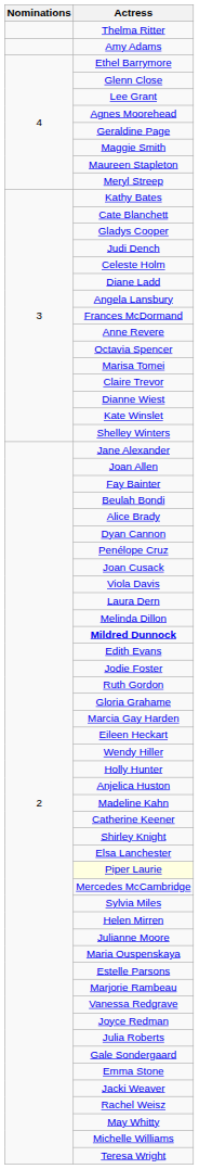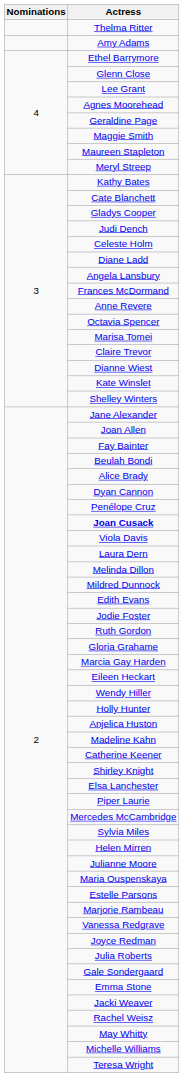 <table class="wikitable" style="text-align: center;">
 <tr>
 <th scope="col" width="55">Nominations</th>
 <th scope="col" align="center">Actress</th>
 </tr>
 <tr>
 <td></td>
 <td><a href='#'>Thelma Ritter</a></td>
 </tr>
 <tr>
 <td></td>
 <td><a href='#'>Amy Adams</a></td>
 </tr>
 <tr>
 <td rowspan=8 style="text-align:center">4</td>
 <td><a href='#'>Ethel Barrymore</a></td>
 </tr>
 <tr>
 <td><a href='#'>Glenn Close</a></td>
 </tr>
 <tr>
 <td><a href='#'>Lee Grant</a></td>
 </tr>
 <tr>
 <td><a href='#'>Agnes Moorehead</a></td>
 </tr>
 <tr>
 <td><a href='#'>Geraldine Page</a></td>
 </tr>
 <tr>
 <td><a href='#'>Maggie Smith</a></td>
 </tr>
 <tr>
 <td><a href='#'>Maureen Stapleton</a></td>
 </tr>
 <tr>
 <td><a href='#'>Meryl Streep</a></td>
 </tr>
 <tr>
 <td rowspan=15 style="text-align:center">3</td>
 <td><a href='#'>Kathy Bates</a></td>
 </tr>
 <tr>
 <td><a href='#'>Cate Blanchett</a></td>
 </tr>
 <tr>
 <td><a href='#'>Gladys Cooper</a></td>
 </tr>
 <tr>
 <td><a href='#'>Judi Dench</a></td>
 </tr>
 <tr>
 <td><a href='#'>Celeste Holm</a></td>
 </tr>
 <tr>
 <td><a href='#'>Diane Ladd</a></td>
 </tr>
 <tr>
 <td><a href='#'>Angela Lansbury</a></td>
 </tr>
 <tr>
 <td><a href='#'>Frances McDormand</a></td>
 </tr>
 <tr>
 <td><a href='#'>Anne Revere</a></td>
 </tr>
 <tr>
 <td><a href='#'>Octavia Spencer</a></td>
 </tr>
 <tr>
 <td><a href='#'>Marisa Tomei</a></td>
 </tr>
 <tr>
 <td><a href='#'>Claire Trevor</a></td>
 </tr>
 <tr>
 <td><a href='#'>Dianne Wiest</a></td>
 </tr>
 <tr>
 <td><a href='#'>Kate Winslet</a></td>
 </tr>
 <tr>
 <td><a href='#'>Shelley Winters</a></td>
 </tr>
 <tr>
 <td rowspan=43 style="text-align:center">2</td>
 <td><a href='#'>Jane Alexander</a></td>
 </tr>
 <tr>
 <td><a href='#'>Joan Allen</a></td>
 </tr>
 <tr>
 <td><a href='#'>Fay Bainter</a></td>
 </tr>
 <tr>
 <td><a href='#'>Beulah Bondi</a></td>
 </tr>
 <tr>
 <td><a href='#'>Alice Brady</a></td>
 </tr>
 <tr>
 <td><a href='#'>Dyan Cannon</a></td>
 </tr>
 <tr>
 <td><a href='#'>Penélope Cruz</a></td>
 </tr>
 <tr>
-<td><a href='#'>Joan Cusack</a></td>
+<td><strong><a href='#'>Joan Cusack</a></strong></td>
 </tr>
 <tr>
 <td><a href='#'>Viola Davis</a></td>
 </tr>
 <tr>
 <td><a href='#'>Laura Dern</a></td>
 </tr>
 <tr>
 <td><a href='#'>Melinda Dillon</a></td>
 </tr>
 <tr>
-<td><strong><a href='#'>Mildred Dunnock</a></strong></td>
+<td><a href='#'>Mildred Dunnock</a></td>
 </tr>
 <tr>
 <td><a href='#'>Edith Evans</a></td>
 </tr>
 <tr>
 <td><a href='#'>Jodie Foster</a></td>
 </tr>
 <tr>
 <td><a href='#'>Ruth Gordon</a></td>
 </tr>
 <tr>
 <td><a href='#'>Gloria Grahame</a></td>
 </tr>
 <tr>
 <td><a href='#'>Marcia Gay Harden</a></td>
 </tr>
 <tr>
 <td><a href='#'>Eileen Heckart</a></td>
 </tr>
 <tr>
 <td><a href='#'>Wendy Hiller</a></td>
 </tr>
 <tr>
 <td><a href='#'>Holly Hunter</a></td>
 </tr>
 <tr>
 <td><a href='#'>Anjelica Huston</a></td>
 </tr>
 <tr>
 <td><a href='#'>Madeline Kahn</a></td>
 </tr>
 <tr>
 <td><a href='#'>Catherine Keener</a></td>
 </tr>
 <tr>
 <td><a href='#'>Shirley Knight</a></td>
 </tr>
 <tr>
 <td><a href='#'>Elsa Lanchester</a></td>
 </tr>
 <tr>
-<td style="background: lightyellow;"><a href='#'>Piper Laurie</a></td>
+<td><a href='#'>Piper Laurie</a></td>
 </tr>
 <tr>
 <td><a href='#'>Mercedes McCambridge</a></td>
 </tr>
 <tr>
 <td><a href='#'>Sylvia Miles</a></td>
 </tr>
 <tr>
 <td><a href='#'>Helen Mirren</a></td>
 </tr>
 <tr>
 <td><a href='#'>Julianne Moore</a></td>
 </tr>
 <tr>
 <td><a href='#'>Maria Ouspenskaya</a></td>
 </tr>
 <tr>
 <td><a href='#'>Estelle Parsons</a></td>
 </tr>
 <tr>
 <td><a href='#'>Marjorie Rambeau</a></td>
 </tr>
 <tr>
 <td><a href='#'>Vanessa Redgrave</a></td>
 </tr>
 <tr>
 <td><a href='#'>Joyce Redman</a></td>
 </tr>
 <tr>
 <td><a href='#'>Julia Roberts</a></td>
 </tr>
 <tr>
 <td><a href='#'>Gale Sondergaard</a></td>
 </tr>
 <tr>
 <td><a href='#'>Emma Stone</a></td>
 </tr>
 <tr>
 <td><a href='#'>Jacki Weaver</a></td>
 </tr>
 <tr>
 <td><a href='#'>Rachel Weisz</a></td>
 </tr>
 <tr>
 <td><a href='#'>May Whitty</a></td>
 </tr>
 <tr>
 <td><a href='#'>Michelle Williams</a></td>
 </tr>
 <tr>
 <td><a href='#'>Teresa Wright</a></td>
 </tr>
 </table>
